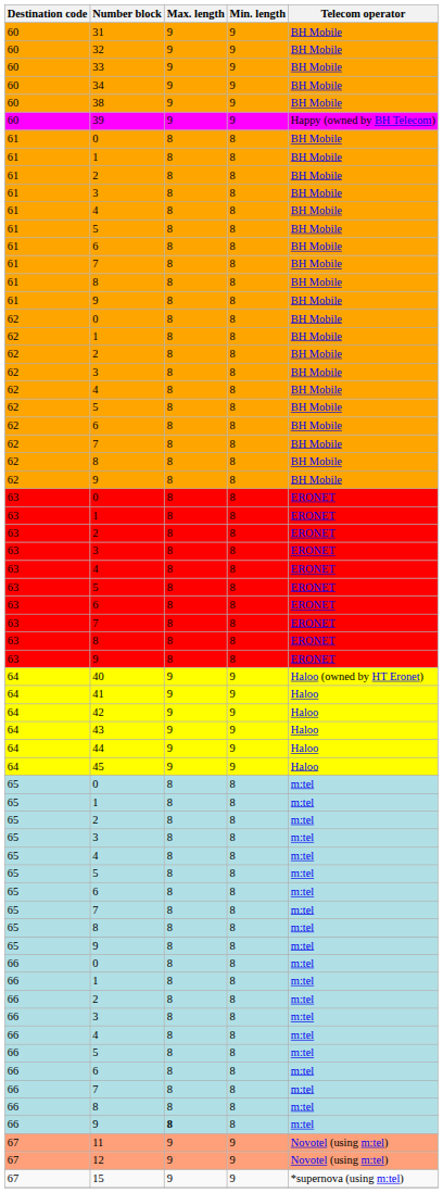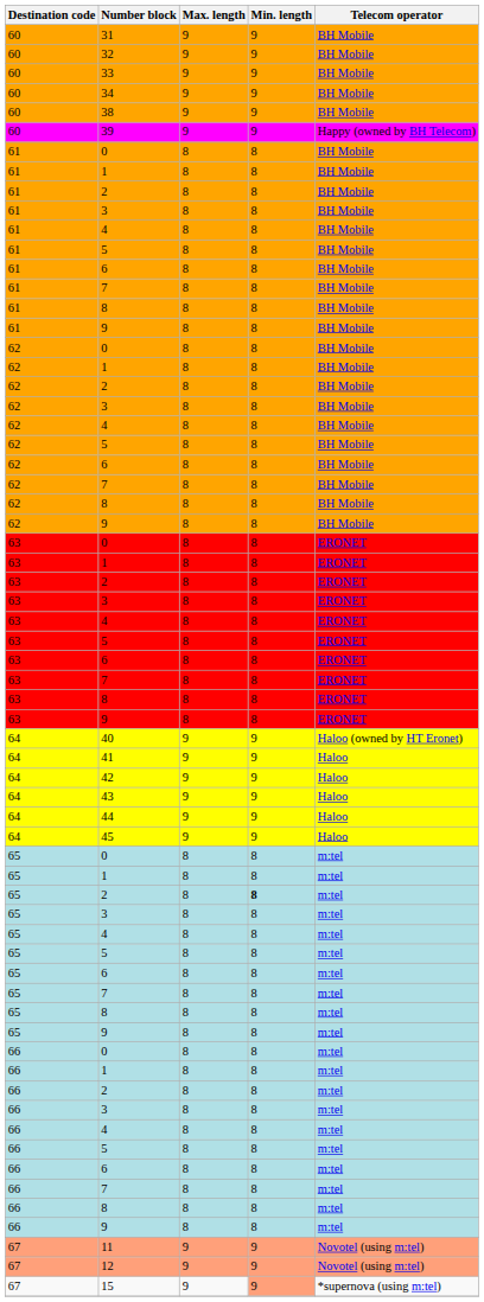 <table class="wikitable sortable">
 <tr>
 <th>Destination code</th>
 <th>Number block</th>
 <th>Max. length</th>
 <th>Min. length</th>
 <th>Telecom operator</th>
 </tr>
 <tr bgcolor="#FFA500">
 <td>60</td>
 <td>31</td>
 <td>9</td>
 <td>9</td>
 <td><a href='#'>BH Mobile</a></td>
 </tr>
 <tr bgcolor="#FFA500">
 <td>60</td>
 <td>32</td>
 <td>9</td>
 <td>9</td>
 <td><a href='#'>BH Mobile</a></td>
 </tr>
 <tr bgcolor="#FFA500">
 <td>60</td>
 <td>33</td>
 <td>9</td>
 <td>9</td>
 <td><a href='#'>BH Mobile</a></td>
 </tr>
 <tr bgcolor="#FFA500">
 <td>60</td>
 <td>34</td>
 <td>9</td>
 <td>9</td>
 <td><a href='#'>BH Mobile</a></td>
 </tr>
 <tr bgcolor="#FFA500">
 <td>60</td>
 <td>38</td>
 <td>9</td>
 <td>9</td>
 <td><a href='#'>BH Mobile</a></td>
 </tr>
 <tr bgcolor="#FF00FF">
 <td>60</td>
 <td>39</td>
 <td>9</td>
 <td>9</td>
 <td>Happy (owned by <a href='#'>BH Telecom</a>)</td>
 </tr>
 <tr bgcolor="#FFA500">
 <td>61</td>
 <td>0</td>
 <td>8</td>
 <td>8</td>
 <td><a href='#'>BH Mobile</a></td>
 </tr>
 <tr bgcolor="#FFA500">
 <td>61</td>
 <td>1</td>
 <td>8</td>
 <td>8</td>
 <td><a href='#'>BH Mobile</a></td>
 </tr>
 <tr bgcolor="#FFA500">
 <td>61</td>
 <td>2</td>
 <td>8</td>
 <td>8</td>
 <td><a href='#'>BH Mobile</a></td>
 </tr>
 <tr bgcolor="#FFA500">
 <td>61</td>
 <td>3</td>
 <td>8</td>
 <td>8</td>
 <td><a href='#'>BH Mobile</a></td>
 </tr>
 <tr bgcolor="#FFA500">
 <td>61</td>
 <td>4</td>
 <td>8</td>
 <td>8</td>
 <td><a href='#'>BH Mobile</a></td>
 </tr>
 <tr bgcolor="#FFA500">
 <td>61</td>
 <td>5</td>
 <td>8</td>
 <td>8</td>
 <td><a href='#'>BH Mobile</a></td>
 </tr>
 <tr bgcolor="#FFA500">
 <td>61</td>
 <td>6</td>
 <td>8</td>
 <td>8</td>
 <td><a href='#'>BH Mobile</a></td>
 </tr>
 <tr bgcolor="#FFA500">
 <td>61</td>
 <td>7</td>
 <td>8</td>
 <td>8</td>
 <td><a href='#'>BH Mobile</a></td>
 </tr>
 <tr bgcolor="#FFA500">
 <td>61</td>
 <td>8</td>
 <td>8</td>
 <td>8</td>
 <td><a href='#'>BH Mobile</a></td>
 </tr>
 <tr bgcolor="#FFA500">
 <td>61</td>
 <td>9</td>
 <td>8</td>
 <td>8</td>
 <td><a href='#'>BH Mobile</a></td>
 </tr>
 <tr bgcolor="#FFA500">
 <td>62</td>
 <td>0</td>
 <td>8</td>
 <td>8</td>
 <td><a href='#'>BH Mobile</a></td>
 </tr>
 <tr bgcolor="#FFA500">
 <td>62</td>
 <td>1</td>
 <td>8</td>
 <td>8</td>
 <td><a href='#'>BH Mobile</a></td>
 </tr>
 <tr bgcolor="#FFA500">
 <td>62</td>
 <td>2</td>
 <td>8</td>
 <td>8</td>
 <td><a href='#'>BH Mobile</a></td>
 </tr>
 <tr bgcolor="#FFA500">
 <td>62</td>
 <td>3</td>
 <td>8</td>
 <td>8</td>
 <td><a href='#'>BH Mobile</a></td>
 </tr>
 <tr bgcolor="#FFA500">
 <td>62</td>
 <td>4</td>
 <td>8</td>
 <td>8</td>
 <td><a href='#'>BH Mobile</a></td>
 </tr>
 <tr bgcolor="#FFA500">
 <td>62</td>
 <td>5</td>
 <td>8</td>
 <td>8</td>
 <td><a href='#'>BH Mobile</a></td>
 </tr>
 <tr bgcolor="#FFA500">
 <td>62</td>
 <td>6</td>
 <td>8</td>
 <td>8</td>
 <td><a href='#'>BH Mobile</a></td>
 </tr>
 <tr bgcolor="#FFA500">
 <td>62</td>
 <td>7</td>
 <td>8</td>
 <td>8</td>
 <td><a href='#'>BH Mobile</a></td>
 </tr>
 <tr bgcolor="#FFA500">
 <td>62</td>
 <td>8</td>
 <td>8</td>
 <td>8</td>
 <td><a href='#'>BH Mobile</a></td>
 </tr>
 <tr bgcolor="#FFA500">
 <td>62</td>
 <td>9</td>
 <td>8</td>
 <td>8</td>
 <td><a href='#'>BH Mobile</a></td>
 </tr>
 <tr bgcolor="#FF0000">
 <td>63</td>
 <td>0</td>
 <td>8</td>
 <td>8</td>
 <td><a href='#'>ERONET</a></td>
 </tr>
 <tr bgcolor="#FF0000">
 <td>63</td>
 <td>1</td>
 <td>8</td>
 <td>8</td>
 <td><a href='#'>ERONET</a></td>
 </tr>
 <tr bgcolor="#FF0000">
 <td>63</td>
 <td>2</td>
 <td>8</td>
 <td>8</td>
 <td><a href='#'>ERONET</a></td>
 </tr>
 <tr bgcolor="#FF0000">
 <td>63</td>
 <td>3</td>
 <td>8</td>
 <td>8</td>
 <td><a href='#'>ERONET</a></td>
 </tr>
 <tr bgcolor="#FF0000">
 <td>63</td>
 <td>4</td>
 <td>8</td>
 <td>8</td>
 <td><a href='#'>ERONET</a></td>
 </tr>
 <tr bgcolor="#FF0000">
 <td>63</td>
 <td>5</td>
 <td>8</td>
 <td>8</td>
 <td><a href='#'>ERONET</a></td>
 </tr>
 <tr bgcolor="#FF0000">
 <td>63</td>
 <td>6</td>
 <td>8</td>
 <td>8</td>
 <td><a href='#'>ERONET</a></td>
 </tr>
 <tr bgcolor="#FF0000">
 <td>63</td>
 <td>7</td>
 <td>8</td>
 <td>8</td>
 <td><a href='#'>ERONET</a></td>
 </tr>
 <tr bgcolor="#FF0000">
 <td>63</td>
 <td>8</td>
 <td>8</td>
 <td>8</td>
 <td><a href='#'>ERONET</a></td>
 </tr>
 <tr bgcolor="#FF0000">
 <td>63</td>
 <td>9</td>
 <td>8</td>
 <td>8</td>
 <td><a href='#'>ERONET</a></td>
 </tr>
 <tr bgcolor="#FFFF00">
 <td>64</td>
 <td>40</td>
 <td>9</td>
 <td>9</td>
 <td><a href='#'>Haloo</a> (owned by <a href='#'>HT Eronet</a>)</td>
 </tr>
 <tr bgcolor="#FFFF00">
 <td>64</td>
 <td>41</td>
 <td>9</td>
 <td>9</td>
 <td><a href='#'>Haloo</a></td>
 </tr>
 <tr bgcolor="#FFFF00">
 <td>64</td>
 <td>42</td>
 <td>9</td>
 <td>9</td>
 <td><a href='#'>Haloo</a></td>
 </tr>
 <tr bgcolor="#FFFF00">
 <td>64</td>
 <td>43</td>
 <td>9</td>
 <td>9</td>
 <td><a href='#'>Haloo</a></td>
 </tr>
 <tr bgcolor="#FFFF00">
 <td>64</td>
 <td>44</td>
 <td>9</td>
 <td>9</td>
 <td><a href='#'>Haloo</a></td>
 </tr>
 <tr bgcolor="#FFFF00">
 <td>64</td>
 <td>45</td>
 <td>9</td>
 <td>9</td>
 <td><a href='#'>Haloo</a></td>
 </tr>
 <tr bgcolor=" #B0E0E6">
 <td>65</td>
 <td>0</td>
 <td>8</td>
 <td>8</td>
 <td><a href='#'>m:tel</a></td>
 </tr>
 <tr bgcolor=" #B0E0E6">
 <td>65</td>
 <td>1</td>
 <td>8</td>
 <td>8</td>
 <td><a href='#'>m:tel</a></td>
 </tr>
 <tr bgcolor=" #B0E0E6">
 <td>65</td>
 <td>2</td>
 <td>8</td>
-<td>8</td>
+<td><strong>8</strong></td>
 <td><a href='#'>m:tel</a></td>
 </tr>
 <tr bgcolor=" #B0E0E6">
 <td>65</td>
 <td>3</td>
 <td>8</td>
 <td>8</td>
 <td><a href='#'>m:tel</a></td>
 </tr>
 <tr bgcolor=" #B0E0E6">
 <td>65</td>
 <td>4</td>
 <td>8</td>
 <td>8</td>
 <td><a href='#'>m:tel</a></td>
 </tr>
 <tr bgcolor=" #B0E0E6">
 <td>65</td>
 <td>5</td>
 <td>8</td>
 <td>8</td>
 <td><a href='#'>m:tel</a></td>
 </tr>
 <tr bgcolor=" #B0E0E6">
 <td>65</td>
 <td>6</td>
 <td>8</td>
 <td>8</td>
 <td><a href='#'>m:tel</a></td>
 </tr>
 <tr bgcolor=" #B0E0E6">
 <td>65</td>
 <td>7</td>
 <td>8</td>
 <td>8</td>
 <td><a href='#'>m:tel</a></td>
 </tr>
 <tr bgcolor=" #B0E0E6">
 <td>65</td>
 <td>8</td>
 <td>8</td>
 <td>8</td>
 <td><a href='#'>m:tel</a></td>
 </tr>
 <tr bgcolor=" #B0E0E6">
 <td>65</td>
 <td>9</td>
 <td>8</td>
 <td>8</td>
 <td><a href='#'>m:tel</a></td>
 </tr>
 <tr bgcolor=" #B0E0E6">
 <td>66</td>
 <td>0</td>
 <td>8</td>
 <td>8</td>
 <td><a href='#'>m:tel</a></td>
 </tr>
 <tr bgcolor=" #B0E0E6">
 <td>66</td>
 <td>1</td>
 <td>8</td>
 <td>8</td>
 <td><a href='#'>m:tel</a></td>
 </tr>
 <tr bgcolor=" #B0E0E6">
 <td>66</td>
 <td>2</td>
 <td>8</td>
 <td>8</td>
 <td><a href='#'>m:tel</a></td>
 </tr>
 <tr bgcolor=" #B0E0E6">
 <td>66</td>
 <td>3</td>
 <td>8</td>
 <td>8</td>
 <td><a href='#'>m:tel</a></td>
 </tr>
 <tr bgcolor=" #B0E0E6">
 <td>66</td>
 <td>4</td>
 <td>8</td>
 <td>8</td>
 <td><a href='#'>m:tel</a></td>
 </tr>
 <tr bgcolor=" #B0E0E6">
 <td>66</td>
 <td>5</td>
 <td>8</td>
 <td>8</td>
 <td><a href='#'>m:tel</a></td>
 </tr>
 <tr bgcolor=" #B0E0E6">
 <td>66</td>
 <td>6</td>
 <td>8</td>
 <td>8</td>
 <td><a href='#'>m:tel</a></td>
 </tr>
 <tr bgcolor=" #B0E0E6">
 <td>66</td>
 <td>7</td>
 <td>8</td>
 <td>8</td>
 <td><a href='#'>m:tel</a></td>
 </tr>
 <tr bgcolor=" #B0E0E6">
 <td>66</td>
 <td>8</td>
 <td>8</td>
 <td>8</td>
 <td><a href='#'>m:tel</a></td>
 </tr>
 <tr bgcolor=" #B0E0E6">
 <td>66</td>
 <td>9</td>
-<td><strong>8</strong></td>
+<td>8</td>
 <td>8</td>
 <td><a href='#'>m:tel</a></td>
 </tr>
 <tr bgcolor=" FFA07A">
 <td>67</td>
 <td>11</td>
 <td>9</td>
 <td>9</td>
 <td><a href='#'>Novotel</a> (using <a href='#'>m:tel</a>)</td>
 </tr>
 <tr bgcolor=" FFA07A">
 <td>67</td>
 <td>12</td>
 <td>9</td>
 <td>9</td>
 <td><a href='#'>Novotel</a> (using <a href='#'>m:tel</a>)</td>
 </tr>
 <tr>
 <td>67</td>
 <td>15</td>
 <td>9</td>
-<td>9</td>
+<td style="background: lightsalmon;">9</td>
 <td>*supernova (using <a href='#'>m:tel</a>)</td>
 </tr>
 <tr bgcolor=" FF007C">
 </tr>
 </table>
